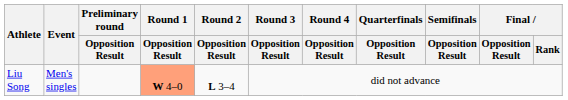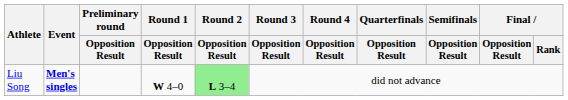 <table class="wikitable" style="font-size:90%">
 <tr>
 <th rowspan="2">Athlete</th>
 <th rowspan="2">Event</th>
 <th>Preliminary round</th>
 <th>Round 1</th>
 <th>Round 2</th>
 <th>Round 3</th>
 <th>Round 4</th>
 <th>Quarterfinals</th>
 <th>Semifinals</th>
 <th colspan=2>Final / </th>
 </tr>
 <tr style="font-size:95%">
 <th>Opposition<br>Result</th>
 <th>Opposition<br>Result</th>
 <th>Opposition<br>Result</th>
 <th>Opposition<br>Result</th>
 <th>Opposition<br>Result</th>
 <th>Opposition<br>Result</th>
 <th>Opposition<br>Result</th>
 <th>Opposition<br>Result</th>
 <th>Rank</th>
 </tr>
 <tr align=center>
 <td align=left><a href='#'>Liu Song</a></td>
-<td align=left><a href='#'>Men's singles</a></td>
+<td align=left><strong><a href='#'>Men's singles</a></strong></td>
 <td></td>
-<td style="background: lightsalmon;"> <br> <strong>W</strong> 4–0</td>
-<td> <br> <strong>L</strong> 3–4</td>
+<td> <br> <strong>W</strong> 4–0</td>
+<td style="background: lightgreen;"> <br> <strong>L</strong> 3–4</td>
 <td colspan=6>did not advance</td>
 </tr>
 </table>
